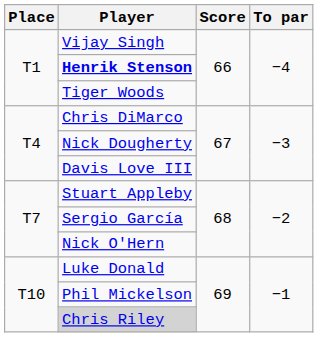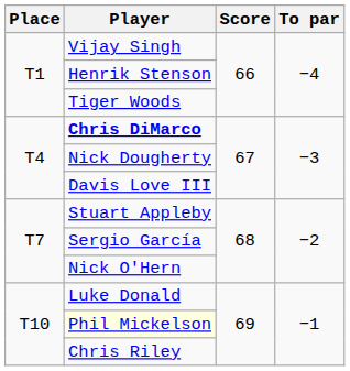 <table class="wikitable">
 <tr>
 <th>Place</th>
 <th>Player</th>
 <th>Score</th>
 <th>To par</th>
 </tr>
 <tr>
 <td rowspan="3" align=center>T1</td>
 <td> <a href='#'>Vijay Singh</a></td>
 <td rowspan="3" align=center>66</td>
 <td rowspan="3" align=center>−4</td>
 </tr>
 <tr>
-<td><strong> <a href='#'>Henrik Stenson</a></strong></td>
+<td> <a href='#'>Henrik Stenson</a></td>
 </tr>
 <tr>
 <td> <a href='#'>Tiger Woods</a></td>
 </tr>
 <tr>
 <td rowspan="3" align=center>T4</td>
-<td> <a href='#'>Chris DiMarco</a></td>
+<td><strong> <a href='#'>Chris DiMarco</a></strong></td>
 <td rowspan="3" align=center>67</td>
 <td rowspan="3" align=center>−3</td>
 </tr>
 <tr>
 <td> <a href='#'>Nick Dougherty</a></td>
 </tr>
 <tr>
 <td> <a href='#'>Davis Love III</a></td>
 </tr>
 <tr>
 <td rowspan="3" align=center>T7</td>
 <td> <a href='#'>Stuart Appleby</a></td>
 <td rowspan="3" align=center>68</td>
 <td rowspan="3" align=center>−2</td>
 </tr>
 <tr>
 <td> <a href='#'>Sergio García</a></td>
 </tr>
 <tr>
 <td> <a href='#'>Nick O'Hern</a></td>
 </tr>
 <tr>
 <td rowspan="3" align=center>T10</td>
 <td> <a href='#'>Luke Donald</a></td>
 <td rowspan="3" align=center>69</td>
 <td rowspan="3" align=center>−1</td>
 </tr>
 <tr>
-<td> <a href='#'>Phil Mickelson</a></td>
+<td style="background: lightyellow;"> <a href='#'>Phil Mickelson</a></td>
 </tr>
 <tr>
-<td style="background: lightgrey;"> <a href='#'>Chris Riley</a></td>
+<td> <a href='#'>Chris Riley</a></td>
 </tr>
 </table>
